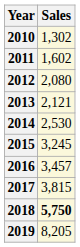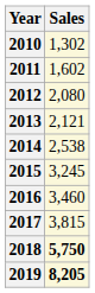 <table class="wikitable" style="text-align: right; display:inline-table">
 <tr>
 <th>Year</th>
 <th>Sales</th>
 </tr>
 <tr>
 <th>2010</th>
 <td style="background:#fbf8db;">1,302</td>
 </tr>
 <tr>
 <th>2011</th>
 <td style="background:#fbf8db;">1,602</td>
 </tr>
 <tr>
 <th>2012</th>
 <td style="background:#fbf8db;">2,080</td>
 </tr>
 <tr>
 <th>2013</th>
 <td style="background:#fbf8db;">2,121</td>
 </tr>
 <tr>
 <th>2014</th>
-<td style="background:#fbf8db;">2,530</td>
+<td style="background:#fbf8db;">2,538</td>
 </tr>
 <tr>
 <th>2015</th>
 <td style="background:#fbf8db;">3,245</td>
 </tr>
 <tr>
 <th>2016</th>
-<td style="background:#fbf8db;">3,457</td>
+<td style="background:#fbf8db;">3,460</td>
 </tr>
 <tr>
 <th>2017</th>
 <td style="background:#fbf8db;">3,815</td>
 </tr>
 <tr>
 <th>2018</th>
 <td style="background:#fbf8db;"><strong>5,750</strong></td>
 </tr>
 <tr>
 <th>2019</th>
-<td style="background:#fbf8db;">8,205</td>
+<td style="background:#fbf8db;"><strong>8,205</strong></td>
 </tr>
 </table>
